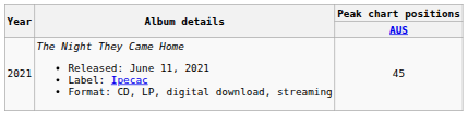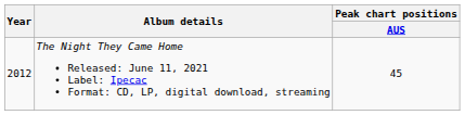 <table class="wikitable">
 <tr>
 <th rowspan="2">Year</th>
 <th rowspan="2">Album details</th>
 <th>Peak chart positions</th>
 </tr>
 <tr>
 <th><a href='#'>AUS</a><br></th>
 </tr>
 <tr>
-<td>2021</td>
+<td>2012</td>
 <td><em>The Night They Came Home</em><br><ul><li>Released: June 11, 2021</li><li>Label: <a href='#'>Ipecac</a></li><li>Format: CD, LP, digital download, streaming</li></ul></td>
 <td style="text-align:center;">45<br></td>
 </tr>
 </table>
